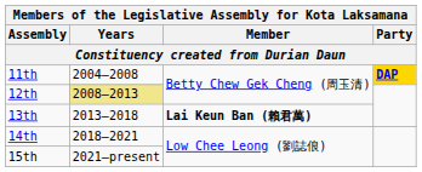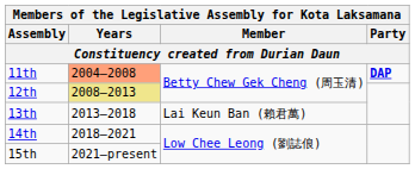 <table class=wikitable>
 <tr>
 <th colspan=4>Members of the Legislative Assembly for Kota Laksamana</th>
 </tr>
 <tr>
 <th>Assembly</th>
 <th>Years</th>
 <th>Member</th>
 <th>Party</th>
 </tr>
 <tr>
 <th colspan=4 align=center><em>Constituency created from Durian Daun</em></th>
 </tr>
 <tr>
 <td><a href='#'>11th</a></td>
-<td>2004–2008</td>
+<td style="background: lightsalmon;">2004–2008</td>
 <td rowspan="2"><a href='#'>Betty Chew Gek Cheng</a> (周玉清)</td>
-<td rowspan="1" style="background: gold;"><strong><a href='#'>DAP</a></strong></td>
+<td rowspan="1"><strong><a href='#'>DAP</a></strong></td>
 </tr>
 <tr>
 <td><a href='#'>12th</a></td>
 <td style="background: khaki;">2008–2013</td>
 <td rowspan=2></td>
 </tr>
 <tr>
 <td><a href='#'>13th</a></td>
 <td>2013–2018</td>
-<td><strong>Lai Keun Ban (賴君萬)</strong></td>
+<td>Lai Keun Ban (賴君萬)</td>
 </tr>
 <tr>
 <td><a href='#'>14th</a></td>
 <td>2018–2021</td>
 <td rowspan="2"><a href='#'>Low Chee Leong</a> (劉誌俍)</td>
 <td rowspan="2"></td>
 </tr>
 <tr>
 <td>15th</td>
 <td>2021–present</td>
 </tr>
 </table>
